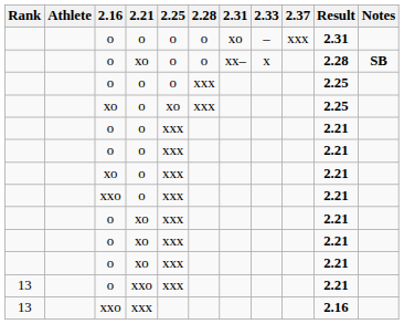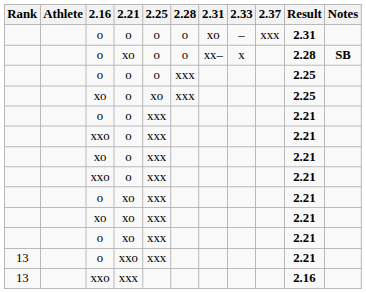 <table class="wikitable sortable" style="text-align:center">
 <tr>
 <th>Rank</th>
 <th>Athlete</th>
 <th>2.16</th>
 <th>2.21</th>
 <th>2.25</th>
 <th>2.28</th>
 <th>2.31</th>
 <th>2.33</th>
 <th>2.37</th>
 <th>Result</th>
 <th>Notes</th>
 </tr>
 <tr>
 <td></td>
 <td align="left"></td>
 <td>o</td>
 <td>o</td>
 <td>o</td>
 <td>o</td>
 <td>xo</td>
 <td>–</td>
 <td>xxx</td>
 <td><strong>2.31</strong></td>
 <td></td>
 </tr>
 <tr>
 <td></td>
 <td align="left"></td>
 <td>o</td>
 <td>xo</td>
 <td>o</td>
 <td>o</td>
 <td>xx–</td>
 <td>x</td>
 <td></td>
 <td><strong>2.28</strong></td>
 <td><strong>SB</strong></td>
 </tr>
 <tr>
 <td></td>
 <td align="left"></td>
 <td>o</td>
 <td>o</td>
 <td>o</td>
 <td>xxx</td>
 <td></td>
 <td></td>
 <td></td>
 <td><strong>2.25</strong></td>
 <td></td>
 </tr>
 <tr>
 <td></td>
 <td align="left"></td>
 <td>xo</td>
 <td>o</td>
 <td>xo</td>
 <td>xxx</td>
 <td></td>
 <td></td>
 <td></td>
 <td><strong>2.25</strong></td>
 <td></td>
 </tr>
 <tr>
 <td></td>
 <td align="left"></td>
 <td>o</td>
 <td>o</td>
 <td>xxx</td>
 <td></td>
 <td></td>
 <td></td>
 <td></td>
 <td><strong>2.21</strong></td>
 <td></td>
 </tr>
 <tr>
 <td></td>
 <td align="left"></td>
-<td>o</td>
+<td>xxo</td>
 <td>o</td>
 <td>xxx</td>
 <td></td>
 <td></td>
 <td></td>
 <td></td>
 <td><strong>2.21</strong></td>
 <td></td>
 </tr>
 <tr>
 <td></td>
 <td align="left"></td>
 <td>xo</td>
 <td>o</td>
 <td>xxx</td>
 <td></td>
 <td></td>
 <td></td>
 <td></td>
 <td><strong>2.21</strong></td>
 <td></td>
 </tr>
 <tr>
 <td></td>
 <td align="left"></td>
 <td>xxo</td>
 <td>o</td>
 <td>xxx</td>
 <td></td>
 <td></td>
 <td></td>
 <td></td>
 <td><strong>2.21</strong></td>
 <td></td>
 </tr>
 <tr>
 <td></td>
 <td align="left"></td>
 <td>o</td>
 <td>xo</td>
 <td>xxx</td>
 <td></td>
 <td></td>
 <td></td>
 <td></td>
 <td><strong>2.21</strong></td>
 <td></td>
 </tr>
 <tr>
 <td></td>
 <td align="left"></td>
-<td>o</td>
+<td>xo</td>
 <td>xo</td>
 <td>xxx</td>
 <td></td>
 <td></td>
 <td></td>
 <td></td>
 <td><strong>2.21</strong></td>
 <td></td>
 </tr>
 <tr>
 <td></td>
 <td align="left"></td>
 <td>o</td>
 <td>xo</td>
 <td>xxx</td>
 <td></td>
 <td></td>
 <td></td>
 <td></td>
 <td><strong>2.21</strong></td>
 <td></td>
 </tr>
 <tr>
 <td>13</td>
 <td align="left"></td>
 <td>o</td>
 <td>xxo</td>
 <td>xxx</td>
 <td></td>
 <td></td>
 <td></td>
 <td></td>
 <td><strong>2.21</strong></td>
 <td></td>
 </tr>
 <tr>
 <td>13</td>
 <td align="left"></td>
 <td>xxo</td>
 <td>xxx</td>
 <td></td>
 <td></td>
 <td></td>
 <td></td>
 <td></td>
 <td><strong>2.16</strong></td>
 <td></td>
 </tr>
 </table>
